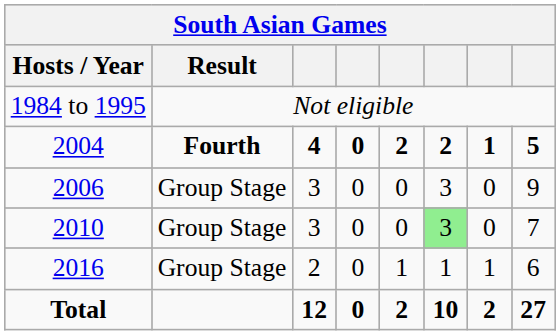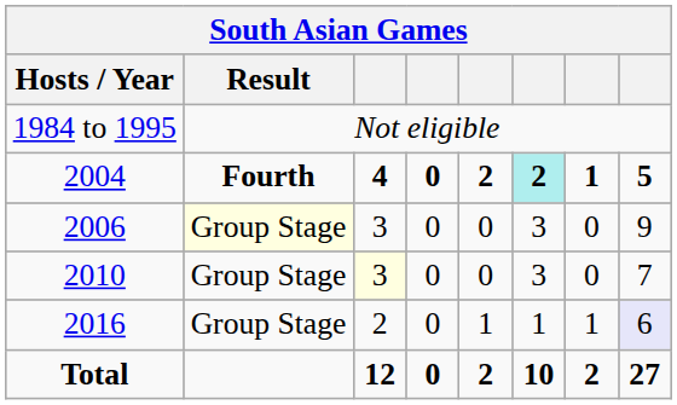 <table class="wikitable" style="text-align: center;">
 <tr>
 <th colspan=9><a href='#'>South Asian Games</a></th>
 </tr>
 <tr>
 <th>Hosts / Year</th>
 <th>Result</th>
 <th width=20></th>
 <th width=20></th>
 <th width=20></th>
 <th width=20></th>
 <th width=20></th>
 <th width=20></th>
 </tr>
 <tr>
 <td> <a href='#'>1984</a> to  <a href='#'>1995</a></td>
 <td textalign="centre"; colspan="7"><em>Not eligible</em></td>
 </tr>
 <tr>
 <td> <a href='#'>2004</a></td>
 <td><strong>Fourth</strong></td>
 <td><strong>4</strong></td>
 <td><strong>0</strong></td>
 <td><strong>2</strong></td>
-<td><strong>2</strong></td>
+<td style="background: paleturquoise;"><strong>2</strong></td>
 <td><strong>1</strong></td>
 <td><strong>5</strong></td>
 </tr>
 <tr>
 <td> <a href='#'>2006</a></td>
-<td>Group Stage</td>
+<td style="background: lightyellow;">Group Stage</td>
 <td>3</td>
 <td>0</td>
 <td>0</td>
 <td>3</td>
 <td>0</td>
 <td>9</td>
 </tr>
 <tr>
 <td> <a href='#'>2010</a></td>
 <td>Group Stage</td>
-<td>3</td>
+<td style="background: lightyellow;">3</td>
 <td>0</td>
 <td>0</td>
-<td style="background: lightgreen;">3</td>
+<td>3</td>
 <td>0</td>
 <td>7</td>
 </tr>
 <tr>
 <td> <a href='#'>2016</a></td>
 <td>Group Stage</td>
 <td>2</td>
 <td>0</td>
 <td>1</td>
 <td>1</td>
 <td>1</td>
-<td>6</td>
+<td style="background: lavender;">6</td>
 </tr>
 <tr>
 <td><strong>Total</strong></td>
 <td></td>
 <td><strong>12</strong></td>
 <td><strong>0</strong></td>
 <td><strong>2</strong></td>
 <td><strong>10</strong></td>
 <td><strong>2</strong></td>
 <td><strong>27</strong></td>
 </tr>
 </table>
